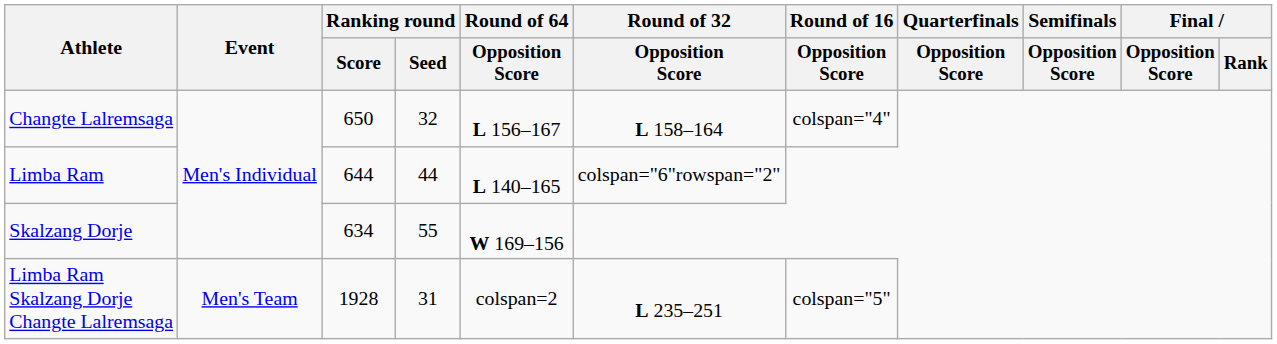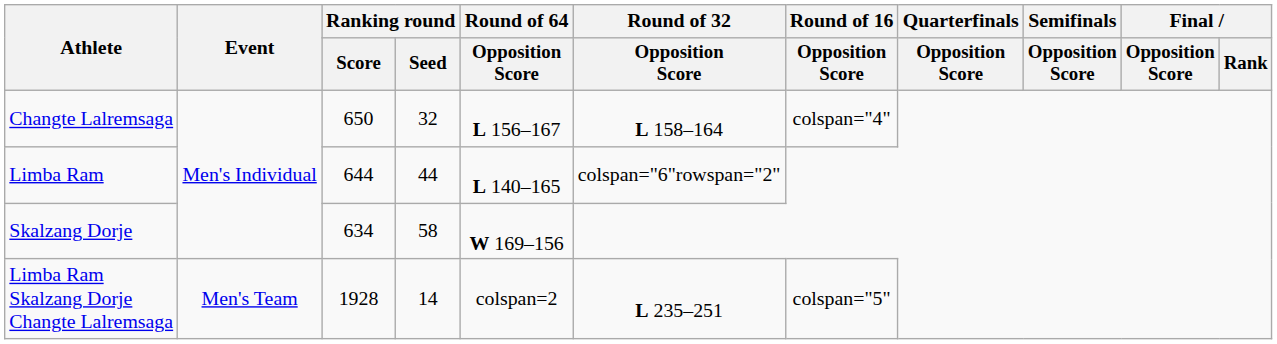 <table class="wikitable" style="font-size:90%; text-align:center">
 <tr>
 <th rowspan=2>Athlete</th>
 <th rowspan=2>Event</th>
 <th colspan="2">Ranking round</th>
 <th>Round of 64</th>
 <th>Round of 32</th>
 <th>Round of 16</th>
 <th>Quarterfinals</th>
 <th>Semifinals</th>
 <th colspan="2">Final / </th>
 </tr>
 <tr style="font-size:95%">
 <th>Score</th>
 <th>Seed</th>
 <th>Opposition<br>Score</th>
 <th>Opposition<br>Score</th>
 <th>Opposition<br>Score</th>
 <th>Opposition<br>Score</th>
 <th>Opposition<br>Score</th>
 <th>Opposition<br>Score</th>
 <th>Rank</th>
 </tr>
 <tr align=center>
 <td align=left><a href='#'>Changte Lalremsaga</a></td>
 <td rowspan="3"><a href='#'>Men's Individual</a></td>
 <td>650</td>
 <td>32</td>
 <td><br> <strong>L</strong> 156–167</td>
 <td><br> <strong>L</strong> 158–164</td>
 <td>colspan="4" </td>
 </tr>
 <tr>
 <td align=left><a href='#'>Limba Ram</a></td>
 <td>644</td>
 <td>44</td>
 <td><br> <strong>L</strong> 140–165</td>
 <td>colspan="6"rowspan="2" </td>
 </tr>
 <tr>
 <td align=left><a href='#'>Skalzang Dorje</a></td>
 <td>634</td>
-<td>55</td>
+<td>58</td>
 <td><br> <strong>W</strong>  169–156</td>
 </tr>
 <tr>
 <td align=left><a href='#'>Limba Ram</a><br><a href='#'>Skalzang Dorje</a><br><a href='#'>Changte Lalremsaga</a></td>
 <td><a href='#'>Men's Team</a></td>
 <td>1928</td>
-<td>31</td>
+<td>14</td>
 <td>colspan=2 </td>
 <td><br> <strong>L</strong> 235–251</td>
 <td>colspan="5" </td>
 </tr>
 </table>
